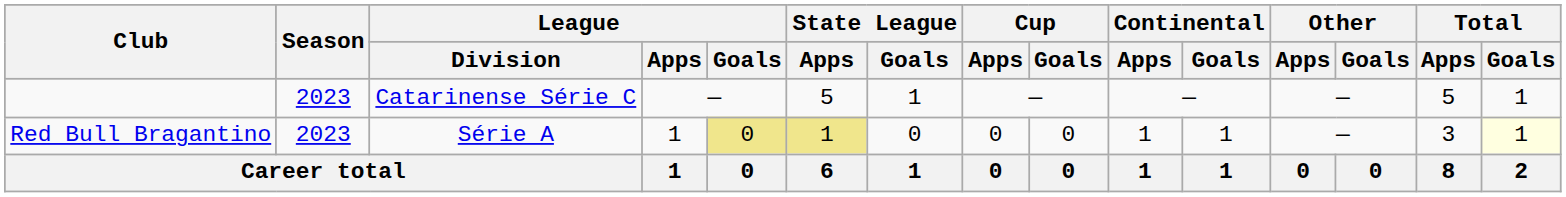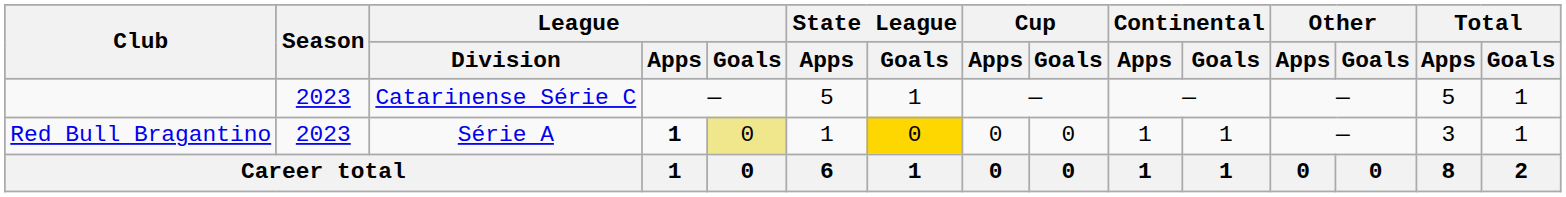 <table class="wikitable" style="text-align: center">
 <tr>
 <th rowspan="2">Club</th>
 <th rowspan="2">Season</th>
 <th colspan="3">League</th>
 <th colspan="2">State League</th>
 <th colspan="2">Cup</th>
 <th colspan="2">Continental</th>
 <th colspan="2">Other</th>
 <th colspan="2">Total</th>
 </tr>
 <tr>
 <th>Division</th>
 <th>Apps</th>
 <th>Goals</th>
 <th>Apps</th>
 <th>Goals</th>
 <th>Apps</th>
 <th>Goals</th>
 <th>Apps</th>
 <th>Goals</th>
 <th>Apps</th>
 <th>Goals</th>
 <th>Apps</th>
 <th>Goals</th>
 </tr>
 <tr>
 <td></td>
 <td><a href='#'>2023</a></td>
 <td><a href='#'>Catarinense Série C</a></td>
 <td colspan="2">—</td>
 <td>5</td>
 <td>1</td>
 <td colspan="2">—</td>
 <td colspan="2">—</td>
 <td colspan="2">—</td>
 <td>5</td>
 <td>1</td>
 </tr>
 <tr>
 <td><a href='#'>Red Bull Bragantino</a></td>
 <td><a href='#'>2023</a></td>
 <td><a href='#'>Série A</a></td>
+<td><strong>1</strong></td>
+<td style="background: khaki;">0</td>
 <td>1</td>
-<td style="background: khaki;">0</td>
-<td style="background: khaki;">1</td>
-<td>0</td>
+<td style="background: gold;">0</td>
 <td>0</td>
 <td>0</td>
 <td>1</td>
 <td>1</td>
 <td colspan="2">—</td>
 <td>3</td>
-<td style="background: lightyellow;">1</td>
+<td>1</td>
 </tr>
 <tr>
 <th colspan="3"><strong>Career total</strong></th>
 <th>1</th>
 <th>0</th>
 <th>6</th>
 <th>1</th>
 <th>0</th>
 <th>0</th>
 <th>1</th>
 <th>1</th>
 <th>0</th>
 <th>0</th>
 <th>8</th>
 <th>2</th>
 </tr>
 </table>
